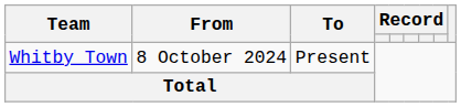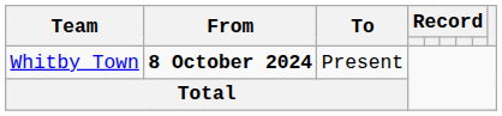 <table class="wikitable" style="text-align:center">
 <tr>
 <th rowspan="2">Team</th>
 <th rowspan="2">From</th>
 <th rowspan="2">To</th>
 <th colspan="5">Record</th>
 <th rowspan="2"></th>
 </tr>
 <tr>
 <th></th>
 <th></th>
 <th></th>
 <th></th>
 <th></th>
 </tr>
 <tr>
 <td align="left"><a href='#'>Whitby Town</a></td>
-<td align="left">8 October 2024</td>
+<td align="left"><strong>8 October 2024</strong></td>
 <td align="left">Present<br></td>
 </tr>
 <tr>
 <th colspan="3">Total<br></th>
 </tr>
 </table>
